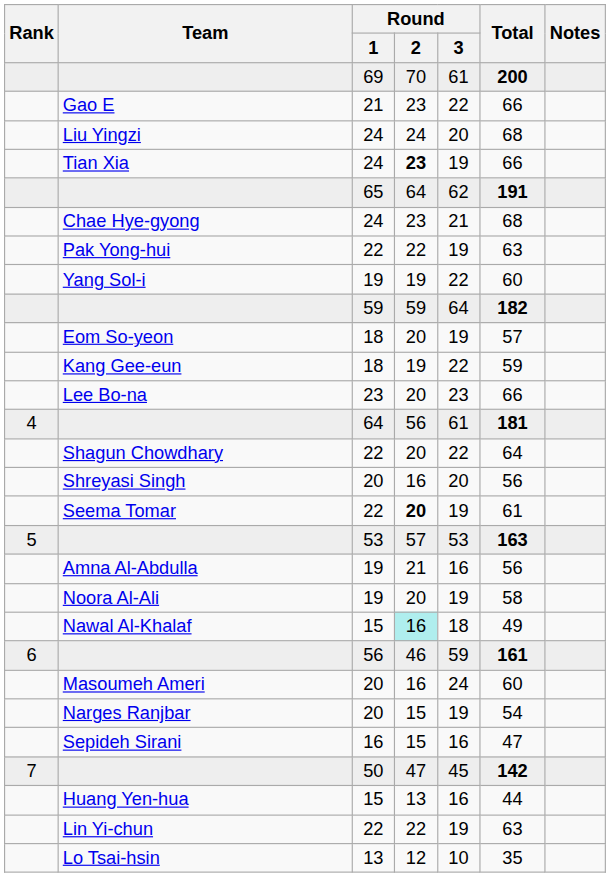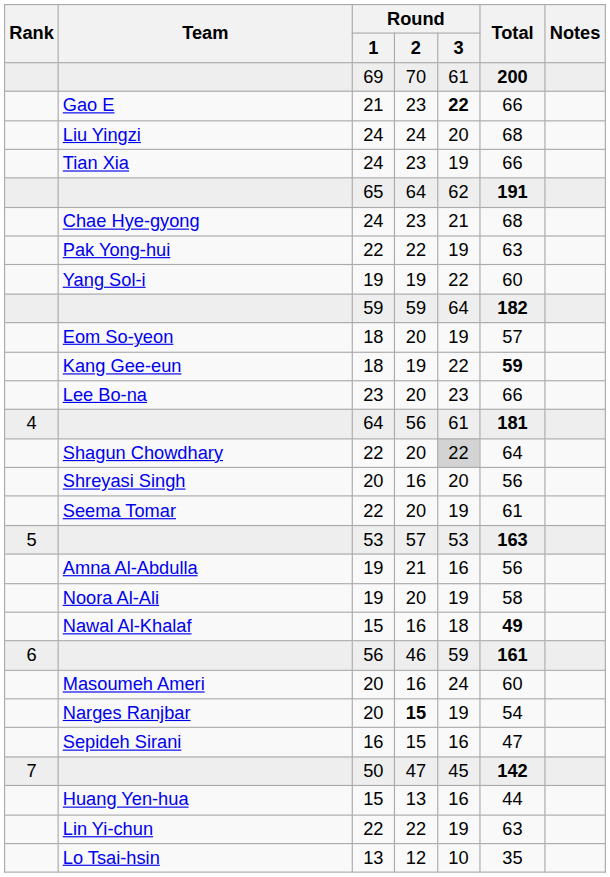 <table class="wikitable" style="text-align:center">
 <tr>
 <th rowspan=2 width=40>Rank</th>
 <th rowspan=2 width=250>Team</th>
 <th colspan=3>Round</th>
 <th rowspan=2 width=50>Total</th>
 <th rowspan=2 width=45>Notes</th>
 </tr>
 <tr>
 <th width=30>1</th>
 <th width=30>2</th>
 <th width=30>3</th>
 </tr>
 <tr bgcolor=eeeeee>
 <td></td>
 <td align=left></td>
 <td>69</td>
 <td>70</td>
 <td>61</td>
 <td><strong>200</strong></td>
 <td></td>
 </tr>
 <tr>
 <td></td>
 <td align=left><a href='#'>Gao E</a></td>
 <td>21</td>
 <td>23</td>
-<td>22</td>
+<td><strong>22</strong></td>
 <td>66</td>
 <td></td>
 </tr>
 <tr>
 <td></td>
 <td align=left><a href='#'>Liu Yingzi</a></td>
 <td>24</td>
 <td>24</td>
 <td>20</td>
 <td>68</td>
 <td></td>
 </tr>
 <tr>
 <td></td>
 <td align=left><a href='#'>Tian Xia</a></td>
 <td>24</td>
-<td><strong>23</strong></td>
+<td>23</td>
 <td>19</td>
 <td>66</td>
 <td></td>
 </tr>
 <tr bgcolor=eeeeee>
 <td></td>
 <td align=left></td>
 <td>65</td>
 <td>64</td>
 <td>62</td>
 <td><strong>191</strong></td>
 <td></td>
 </tr>
 <tr>
 <td></td>
 <td align=left><a href='#'>Chae Hye-gyong</a></td>
 <td>24</td>
 <td>23</td>
 <td>21</td>
 <td>68</td>
 <td></td>
 </tr>
 <tr>
 <td></td>
 <td align=left><a href='#'>Pak Yong-hui</a></td>
 <td>22</td>
 <td>22</td>
 <td>19</td>
 <td>63</td>
 <td></td>
 </tr>
 <tr>
 <td></td>
 <td align=left><a href='#'>Yang Sol-i</a></td>
 <td>19</td>
 <td>19</td>
 <td>22</td>
 <td>60</td>
 <td></td>
 </tr>
 <tr bgcolor=eeeeee>
 <td></td>
 <td align=left></td>
 <td>59</td>
 <td>59</td>
 <td>64</td>
 <td><strong>182</strong></td>
 <td></td>
 </tr>
 <tr>
 <td></td>
 <td align=left><a href='#'>Eom So-yeon</a></td>
 <td>18</td>
 <td>20</td>
 <td>19</td>
 <td>57</td>
 <td></td>
 </tr>
 <tr>
 <td></td>
 <td align=left><a href='#'>Kang Gee-eun</a></td>
 <td>18</td>
 <td>19</td>
 <td>22</td>
-<td>59</td>
+<td><strong>59</strong></td>
 <td></td>
 </tr>
 <tr>
 <td></td>
 <td align=left><a href='#'>Lee Bo-na</a></td>
 <td>23</td>
 <td>20</td>
 <td>23</td>
 <td>66</td>
 <td></td>
 </tr>
 <tr bgcolor=eeeeee>
 <td>4</td>
 <td align=left></td>
 <td>64</td>
 <td>56</td>
 <td>61</td>
 <td><strong>181</strong></td>
 <td></td>
 </tr>
 <tr>
 <td></td>
 <td align=left><a href='#'>Shagun Chowdhary</a></td>
 <td>22</td>
 <td>20</td>
-<td>22</td>
+<td style="background: lightgrey;">22</td>
 <td>64</td>
 <td></td>
 </tr>
 <tr>
 <td></td>
 <td align=left><a href='#'>Shreyasi Singh</a></td>
 <td>20</td>
 <td>16</td>
 <td>20</td>
 <td>56</td>
 <td></td>
 </tr>
 <tr>
 <td></td>
 <td align=left><a href='#'>Seema Tomar</a></td>
 <td>22</td>
-<td><strong>20</strong></td>
+<td>20</td>
 <td>19</td>
 <td>61</td>
 <td></td>
 </tr>
 <tr bgcolor=eeeeee>
 <td>5</td>
 <td align=left></td>
 <td>53</td>
 <td>57</td>
 <td>53</td>
 <td><strong>163</strong></td>
 <td></td>
 </tr>
 <tr>
 <td></td>
 <td align=left><a href='#'>Amna Al-Abdulla</a></td>
 <td>19</td>
 <td>21</td>
 <td>16</td>
 <td>56</td>
 <td></td>
 </tr>
 <tr>
 <td></td>
 <td align=left><a href='#'>Noora Al-Ali</a></td>
 <td>19</td>
 <td>20</td>
 <td>19</td>
 <td>58</td>
 <td></td>
 </tr>
 <tr>
 <td></td>
 <td align=left><a href='#'>Nawal Al-Khalaf</a></td>
 <td>15</td>
-<td style="background: paleturquoise;">16</td>
+<td>16</td>
 <td>18</td>
-<td>49</td>
+<td><strong>49</strong></td>
 <td></td>
 </tr>
 <tr bgcolor=eeeeee>
 <td>6</td>
 <td align=left></td>
 <td>56</td>
 <td>46</td>
 <td>59</td>
 <td><strong>161</strong></td>
 <td></td>
 </tr>
 <tr>
 <td></td>
 <td align=left><a href='#'>Masoumeh Ameri</a></td>
 <td>20</td>
 <td>16</td>
 <td>24</td>
 <td>60</td>
 <td></td>
 </tr>
 <tr>
 <td></td>
 <td align=left><a href='#'>Narges Ranjbar</a></td>
 <td>20</td>
-<td>15</td>
+<td><strong>15</strong></td>
 <td>19</td>
 <td>54</td>
 <td></td>
 </tr>
 <tr>
 <td></td>
 <td align=left><a href='#'>Sepideh Sirani</a></td>
 <td>16</td>
 <td>15</td>
 <td>16</td>
 <td>47</td>
 <td></td>
 </tr>
 <tr bgcolor=eeeeee>
 <td>7</td>
 <td align=left></td>
 <td>50</td>
 <td>47</td>
 <td>45</td>
 <td><strong>142</strong></td>
 <td></td>
 </tr>
 <tr>
 <td></td>
 <td align=left><a href='#'>Huang Yen-hua</a></td>
 <td>15</td>
 <td>13</td>
 <td>16</td>
 <td>44</td>
 <td></td>
 </tr>
 <tr>
 <td></td>
 <td align=left><a href='#'>Lin Yi-chun</a></td>
 <td>22</td>
 <td>22</td>
 <td>19</td>
 <td>63</td>
 <td></td>
 </tr>
 <tr>
 <td></td>
 <td align=left><a href='#'>Lo Tsai-hsin</a></td>
 <td>13</td>
 <td>12</td>
 <td>10</td>
 <td>35</td>
 <td></td>
 </tr>
 </table>
